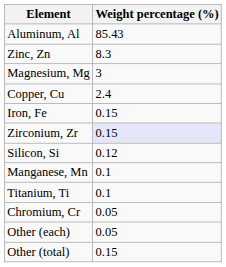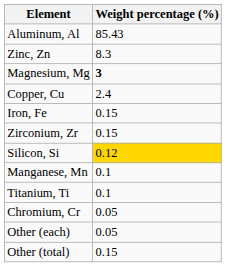 <table class="wikitable">
 <tr>
 <th>Element</th>
 <th>Weight percentage (%)</th>
 </tr>
 <tr>
 <td>Aluminum, Al</td>
 <td>85.43</td>
 </tr>
 <tr>
 <td>Zinc, Zn</td>
 <td>8.3</td>
 </tr>
 <tr>
 <td>Magnesium, Mg</td>
-<td>3</td>
+<td><strong>3</strong></td>
 </tr>
 <tr>
 <td>Copper, Cu</td>
 <td>2.4</td>
 </tr>
 <tr>
 <td>Iron, Fe</td>
 <td>0.15</td>
 </tr>
 <tr>
 <td>Zirconium, Zr</td>
-<td style="background: lavender;">0.15</td>
+<td>0.15</td>
 </tr>
 <tr>
 <td>Silicon, Si</td>
-<td>0.12</td>
+<td style="background: gold;">0.12</td>
 </tr>
 <tr>
 <td>Manganese, Mn</td>
 <td>0.1</td>
 </tr>
 <tr>
 <td>Titanium, Ti</td>
 <td>0.1</td>
 </tr>
 <tr>
 <td>Chromium, Cr</td>
 <td>0.05</td>
 </tr>
 <tr>
 <td>Other (each)</td>
 <td>0.05</td>
 </tr>
 <tr>
 <td>Other (total)</td>
 <td>0.15</td>
 </tr>
 </table>
